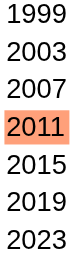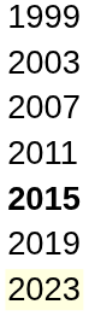 <table>
 <tr>
 <td>1999<br></td>
 <td></td>
 <td></td>
 <td></td>
 </tr>
 <tr>
 <td>2003<br></td>
 <td></td>
 <td></td>
 <td></td>
 </tr>
 <tr>
 <td>2007<br></td>
 <td></td>
 <td></td>
 <td></td>
 </tr>
 <tr>
-<td style="background: lightsalmon;">2011<br></td>
+<td>2011<br></td>
 <td></td>
 <td></td>
 <td></td>
 </tr>
 <tr>
-<td>2015<br></td>
+<td><strong>2015<br></strong></td>
 <td></td>
 <td></td>
 <td></td>
 </tr>
 <tr>
 <td>2019<br></td>
 <td></td>
 <td></td>
 <td></td>
 </tr>
 <tr>
-<td>2023<br></td>
+<td style="background: lightyellow;">2023<br></td>
 <td></td>
 <td></td>
 <td></td>
 </tr>
 </table>
